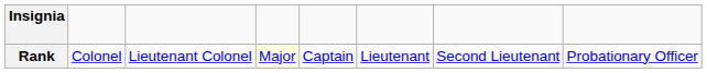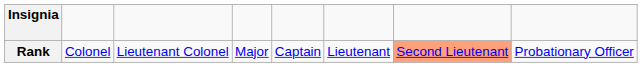 <table class="wikitable" style="margin:1em auto;">
 <tr align="center">
 <th>Insignia<br><br> </th>
 <td></td>
 <td></td>
 <td></td>
 <td></td>
 <td></td>
 <td></td>
 <td></td>
 </tr>
 <tr align="center">
 <th>Rank<br> </th>
 <td><a href='#'>Colonel</a></td>
 <td><a href='#'>Lieutenant Colonel</a></td>
-<td style="background: lightyellow;"><a href='#'>Major</a></td>
+<td><a href='#'>Major</a></td>
 <td><a href='#'>Captain</a></td>
 <td><a href='#'>Lieutenant</a></td>
-<td><a href='#'>Second Lieutenant</a></td>
+<td style="background: lightsalmon;"><a href='#'>Second Lieutenant</a></td>
 <td><a href='#'>Probationary Officer</a></td>
 </tr>
 </table>
